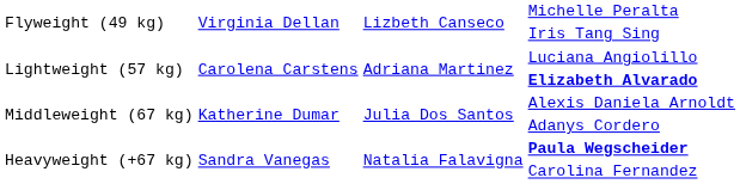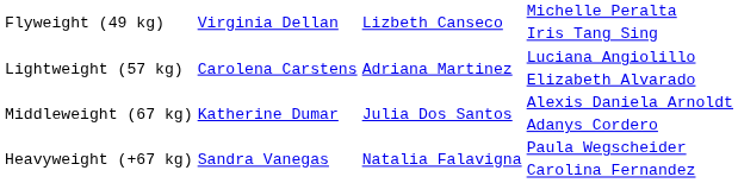 <table>
 <tr>
 <td rowspan=2>Flyweight (49 kg)</td>
 <td rowspan=2><a href='#'>Virginia Dellan</a><br></td>
 <td rowspan=2><a href='#'>Lizbeth Canseco</a><br></td>
 <td><a href='#'>Michelle Peralta</a><br></td>
 </tr>
 <tr>
 <td><a href='#'>Iris Tang Sing</a><br></td>
 </tr>
 <tr>
 <td rowspan=2>Lightweight (57 kg)</td>
 <td rowspan=2><a href='#'>Carolena Carstens</a><br></td>
 <td rowspan=2><a href='#'>Adriana Martinez</a><br></td>
 <td><a href='#'>Luciana Angiolillo</a><br></td>
 </tr>
 <tr>
-<td><strong><a href='#'>Elizabeth Alvarado</a><br></strong></td>
+<td><a href='#'>Elizabeth Alvarado</a><br></td>
 </tr>
 <tr>
 <td rowspan=2>Middleweight (67 kg)</td>
 <td rowspan=2><a href='#'>Katherine Dumar</a><br></td>
 <td rowspan=2><a href='#'>Julia Dos Santos</a><br></td>
 <td><a href='#'>Alexis Daniela Arnoldt</a><br></td>
 </tr>
 <tr>
 <td><a href='#'>Adanys Cordero</a><br></td>
 </tr>
 <tr>
 <td rowspan=2>Heavyweight (+67 kg)</td>
 <td rowspan=2><a href='#'>Sandra Vanegas</a><br></td>
 <td rowspan=2><a href='#'>Natalia Falavigna</a><br></td>
-<td><strong><a href='#'>Paula Wegscheider</a><br></strong></td>
+<td><a href='#'>Paula Wegscheider</a><br></td>
 </tr>
 <tr>
 <td><a href='#'>Carolina Fernandez</a><br></td>
 </tr>
 </table>
